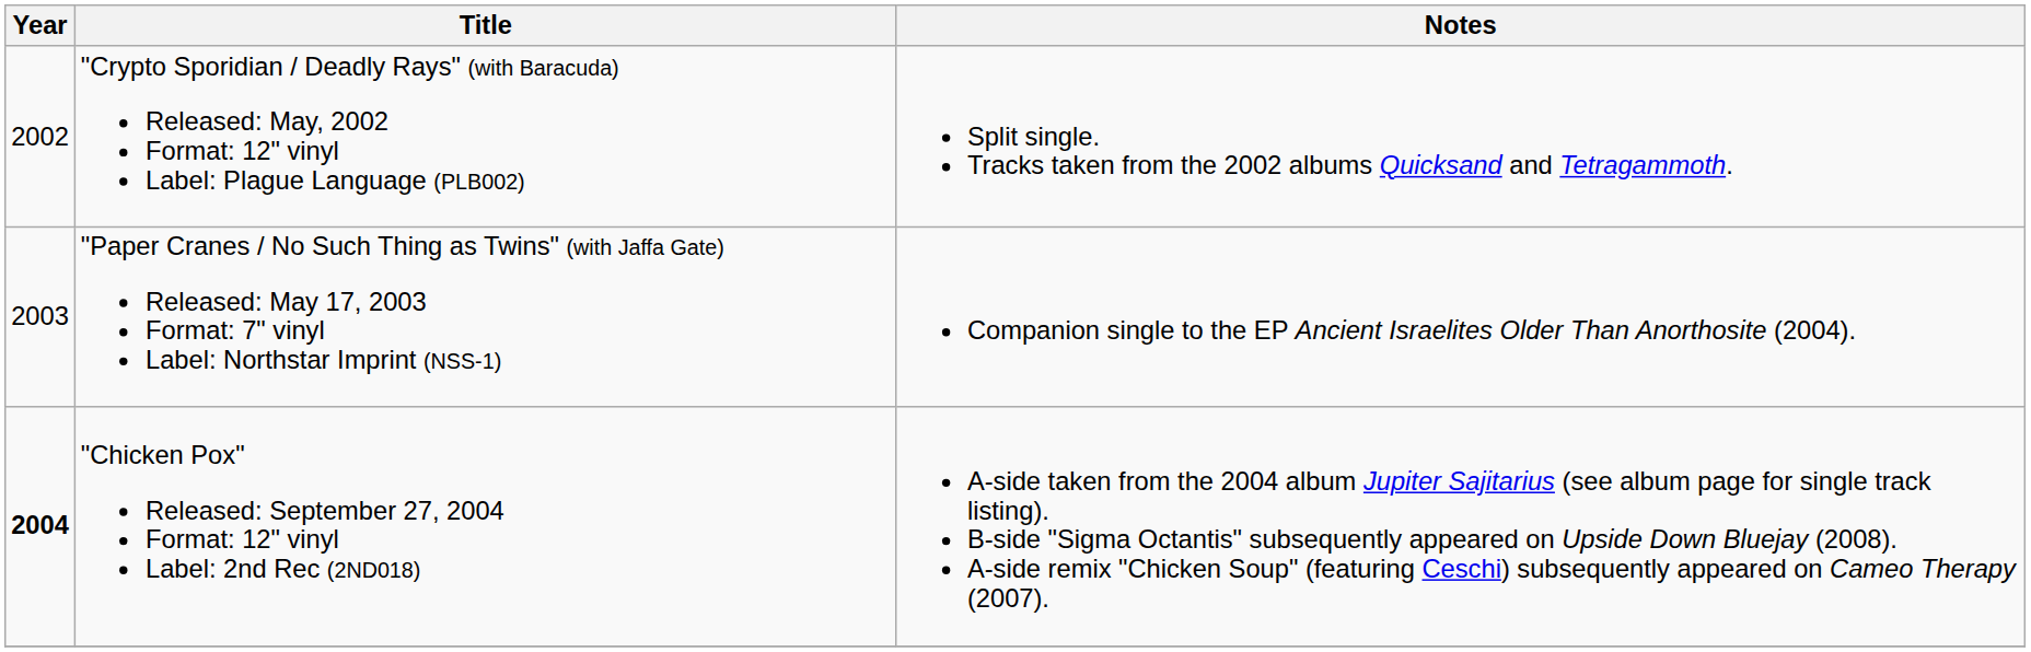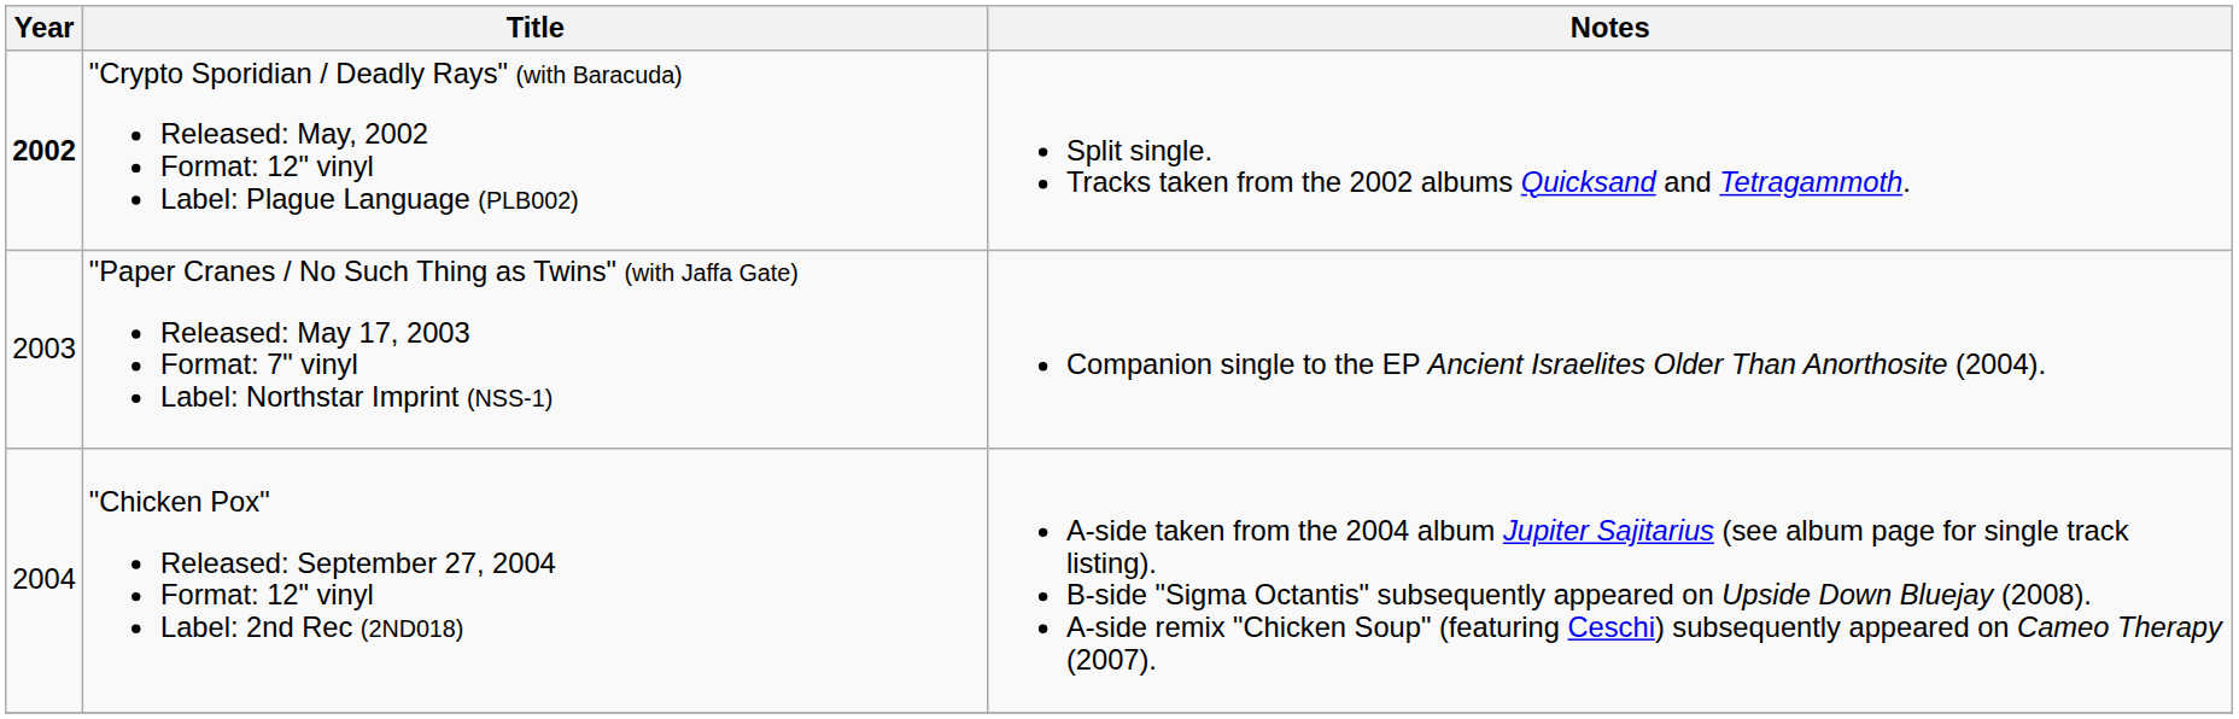 <table class="wikitable">
 <tr>
 <th rowspan="1" style="width:33px;">Year</th>
 <th rowspan="1" style="width:500px;">Title</th>
 <th rowspan="1">Notes</th>
 </tr>
 <tr>
-<td style="text-align:center;">2002</td>
+<td style="text-align:center;"><strong>2002</strong></td>
 <td>"Crypto Sporidian / Deadly Rays" <small>(with Baracuda)</small><br><ul><li>Released: May, 2002</li><li>Format: 12" vinyl</li><li>Label: Plague Language <small>(PLB002)</small></li></ul></td>
 <td><br><ul><li>Split single.</li><li>Tracks taken from the 2002 albums <em><a href='#'>Quicksand</a></em> and <em><a href='#'>Tetragammoth</a></em>.</li></ul></td>
 </tr>
 <tr>
 <td style="text-align:center;">2003</td>
 <td>"Paper Cranes / No Such Thing as Twins" <small>(with Jaffa Gate)</small><br><ul><li>Released: May 17, 2003</li><li>Format: 7" vinyl</li><li>Label: Northstar Imprint <small>(NSS-1)</small></li></ul></td>
 <td><br><ul><li>Companion single to the EP <em>Ancient Israelites Older Than Anorthosite</em> (2004).</li></ul></td>
 </tr>
 <tr>
-<td style="text-align:center;"><strong>2004</strong></td>
+<td style="text-align:center;">2004</td>
 <td>"Chicken Pox"<br><ul><li>Released: September 27, 2004</li><li>Format: 12" vinyl</li><li>Label: 2nd Rec <small>(2ND018)</small></li></ul></td>
 <td><br><ul><li>A-side taken from the 2004 album <em><a href='#'>Jupiter Sajitarius</a></em> (see album page for single track listing).</li><li>B-side "Sigma Octantis" subsequently appeared on <em>Upside Down Bluejay</em> (2008).</li><li>A-side remix "Chicken Soup" (featuring <a href='#'>Ceschi</a>) subsequently appeared on <em>Cameo Therapy</em> (2007).</li></ul></td>
 </tr>
 <tr>
 </tr>
 </table>
